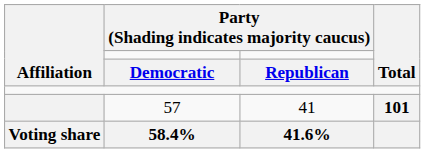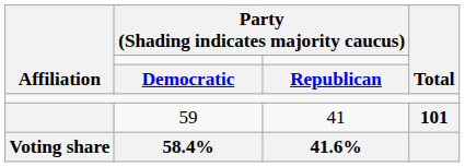 <table class=wikitable style="text-align:center">
 <tr style="vertical-align:bottom;">
 <th rowspan=3>Affiliation</th>
 <th colspan=2>Party <div>(Shading indicates majority caucus)</div></th>
 <th rowspan=3>Total</th>
 </tr>
 <tr style="height:5px">
 <td style="background-color:"></td>
 <td style="background-color:"></td>
 </tr>
 <tr>
 <th><a href='#'>Democratic</a></th>
 <th><a href='#'>Republican</a></th>
 </tr>
 <tr>
 <td colspan=5></td>
 </tr>
 <tr>
 <th nowrap style="font-size:80%"></th>
-<td>57</td>
+<td>59</td>
 <td>41</td>
 <th>101</th>
 </tr>
 <tr>
 <th>Voting share</th>
 <th>58.4%</th>
 <th>41.6%</th>
 <th colspan=2></th>
 </tr>
 </table>
